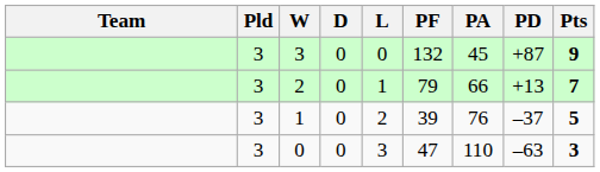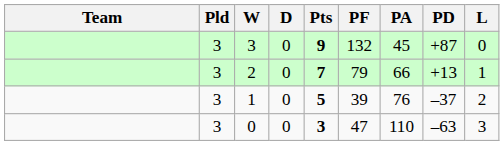 <table class="wikitable" style="text-align:center;">
 <tr>
 <th width=175>Team</th>
 <th width=25 abbr="Played">Pld</th>
 <th width=25 abbr="Won">W</th>
 <th width=25 abbr="Drawn">D</th>
-<th width=25 abbr="Lost">L</th>
+<th width=25 abbr="Points">Pts</th>
 <th width=32 abbr="Points for">PF</th>
 <th width=32 abbr="Points against">PA</th>
 <th width=32 abbr="Points difference">PD</th>
-<th width=25 abbr="Points">Pts</th>
+<th width=25 abbr="Lost">L</th>
 </tr>
 <tr bgcolor=ccffcc>
 <td align=left></td>
 <td>3</td>
 <td>3</td>
 <td>0</td>
-<td>0</td>
+<td><strong>9</strong></td>
 <td>132</td>
 <td>45</td>
 <td>+87</td>
-<td><strong>9</strong></td>
+<td>0</td>
 </tr>
 <tr bgcolor=ccffcc>
 <td align=left></td>
 <td>3</td>
 <td>2</td>
 <td>0</td>
-<td>1</td>
+<td><strong>7</strong></td>
 <td>79</td>
 <td>66</td>
 <td>+13</td>
-<td><strong>7</strong></td>
+<td>1</td>
 </tr>
 <tr>
 <td align=left></td>
 <td>3</td>
 <td>1</td>
 <td>0</td>
-<td>2</td>
+<td><strong>5</strong></td>
 <td>39</td>
 <td>76</td>
 <td>–37</td>
-<td><strong>5</strong></td>
+<td>2</td>
 </tr>
 <tr>
 <td align=left></td>
 <td>3</td>
 <td>0</td>
 <td>0</td>
-<td>3</td>
+<td><strong>3</strong></td>
 <td>47</td>
 <td>110</td>
 <td>–63</td>
-<td><strong>3</strong></td>
+<td>3</td>
 </tr>
 </table>
